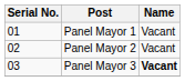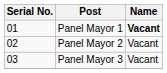 <table class="wikitable sortable">
 <tr>
 <th>Serial No.</th>
 <th>Post</th>
 <th>Name</th>
 </tr>
 <tr>
 <td>01</td>
 <td>Panel Mayor 1</td>
-<td>Vacant</td>
+<td><strong>Vacant</strong></td>
 </tr>
 <tr>
 <td>02</td>
 <td>Panel Mayor 2</td>
 <td>Vacant</td>
 </tr>
 <tr>
 <td>03</td>
 <td>Panel Mayor 3</td>
-<td><strong>Vacant</strong></td>
+<td>Vacant</td>
 </tr>
 <tr>
 </tr>
 </table>
